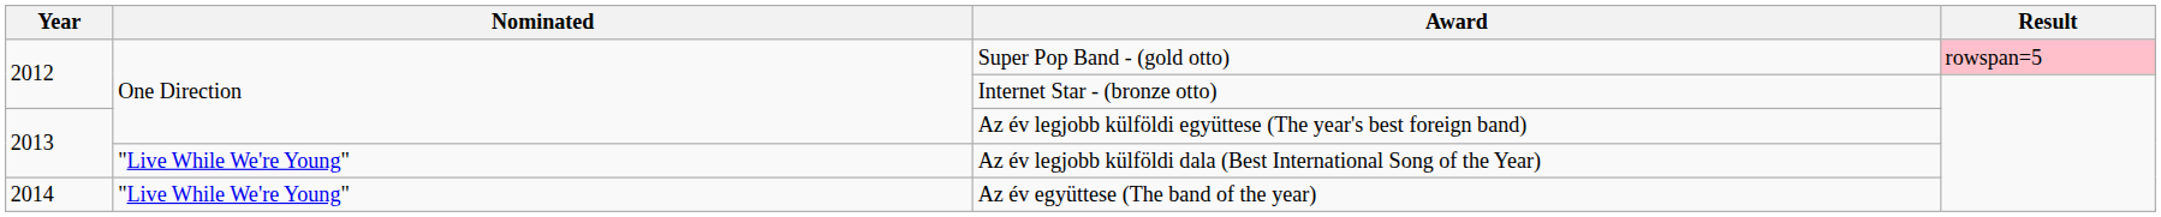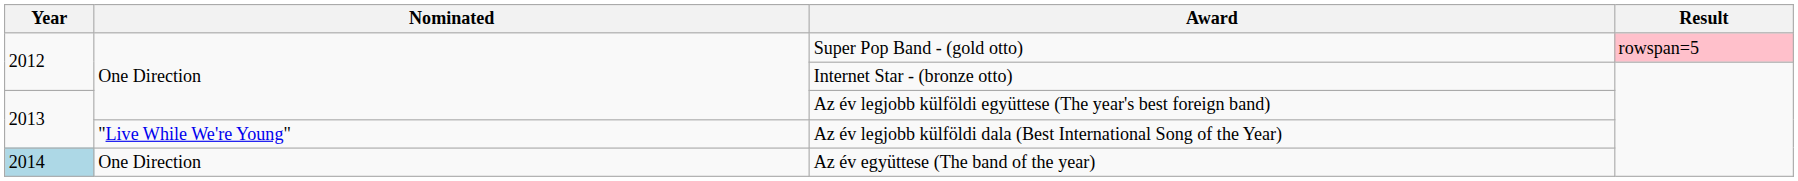 <table class="wikitable" style="width:100%;">
 <tr>
 <th width=5%>Year</th>
 <th style="width:40%;">Nominated</th>
 <th style="width:45%;">Award</th>
 <th style="width:10%;">Result</th>
 </tr>
 <tr>
 <td rowspan="2">2012</td>
 <td rowspan="3">One Direction</td>
 <td>Super Pop Band - (gold otto)</td>
 <td style="background: pink;">rowspan=5 </td>
 </tr>
 <tr>
 <td>Internet Star - (bronze otto)</td>
 </tr>
 <tr>
 <td rowspan="2">2013</td>
 <td>Az év legjobb külföldi együttese (The year's best foreign band)</td>
 </tr>
 <tr>
 <td>"<a href='#'>Live While We're Young</a>"</td>
 <td>Az év legjobb külföldi dala (Best International Song of the Year)</td>
 </tr>
 <tr>
-<td>2014</td>
-<td>"<a href='#'>Live While We're Young</a>"</td>
+<td style="background: lightblue;">2014</td>
+<td>One Direction</td>
 <td>Az év együttese (The band of the year)</td>
 </tr>
 </table>
